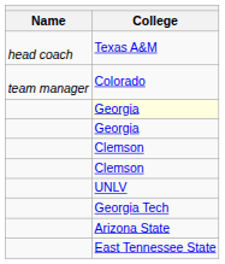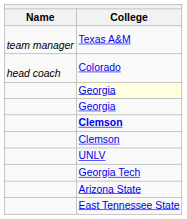 <table class="wikitable sortable">
 <tr>
 <th colspan=2></th>
 </tr>
 <tr>
 <th>Name</th>
 <th>College</th>
 </tr>
 <tr>
-<td><br><em>head coach</em></td>
+<td><br><em>team manager</em></td>
 <td><a href='#'>Texas A&M</a></td>
 </tr>
 <tr>
-<td><br><em>team manager</em></td>
+<td><br><em>head coach</em></td>
 <td><a href='#'>Colorado</a></td>
 </tr>
 <tr>
 <td></td>
 <td style="background: lightyellow;"><a href='#'>Georgia</a></td>
 </tr>
 <tr>
 <td></td>
 <td><a href='#'>Georgia</a></td>
 </tr>
 <tr>
 <td></td>
-<td><a href='#'>Clemson</a></td>
+<td><strong><a href='#'>Clemson</a></strong></td>
 </tr>
 <tr>
 <td></td>
 <td><a href='#'>Clemson</a></td>
 </tr>
 <tr>
 <td></td>
 <td><a href='#'>UNLV</a></td>
 </tr>
 <tr>
 <td></td>
 <td><a href='#'>Georgia Tech</a></td>
 </tr>
 <tr>
 <td></td>
 <td><a href='#'>Arizona State</a></td>
 </tr>
 <tr>
 <td></td>
 <td><a href='#'>East Tennessee State</a></td>
 </tr>
 </table>
